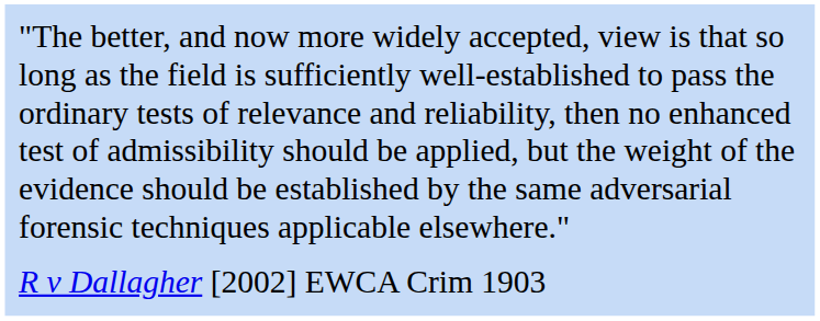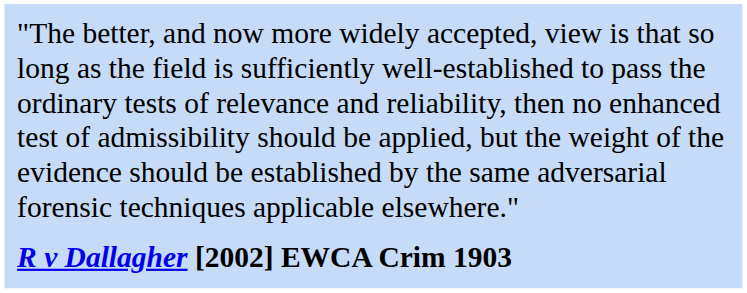 <table class="toccolours" style="float: right; margin-left: 1em; margin-right: 2em; font-size: 85%; background:#c6dbf7; color:black; width:25em; max-width: 34%;" cellspacing="5">
 <tr>
 <td style="text-align: left;">"The better, and now more widely accepted, view is that so long as the field is sufficiently well-established to pass the ordinary tests of relevance and reliability, then no enhanced test of admissibility should be applied, but the weight of the evidence should be established by the same adversarial forensic techniques applicable elsewhere."</td>
 </tr>
 <tr>
-<td style="text-align: left;"><em><a href='#'>R v Dallagher</a></em> [2002] EWCA Crim 1903</td>
+<td style="text-align: left;"><strong><em><a href='#'>R v Dallagher</a></em> [2002] EWCA Crim 1903</strong></td>
 </tr>
 </table>
